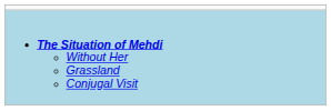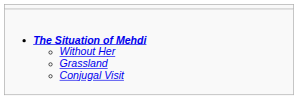 <table class="wikitable">
 <tr>
 <td style="vertical-align:top; width:50%;"></td>
 </tr>
 <tr>
-<td valign="top" style="background: lightblue;"><br><ul><li><strong><em><a href='#'>The Situation of Mehdi</a></em></strong><ul><li><em><a href='#'>Without Her</a></em></li><li><em><a href='#'>Grassland</a></em></li><li><em><a href='#'>Conjugal Visit</a></em></li></ul></li></ul></td>
+<td valign="top"><br><ul><li><strong><em><a href='#'>The Situation of Mehdi</a></em></strong><ul><li><em><a href='#'>Without Her</a></em></li><li><em><a href='#'>Grassland</a></em></li><li><em><a href='#'>Conjugal Visit</a></em></li></ul></li></ul></td>
 </tr>
 </table>
